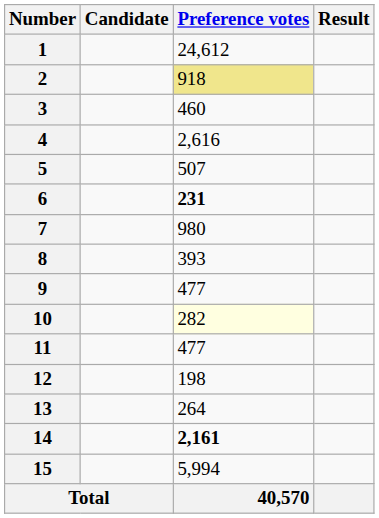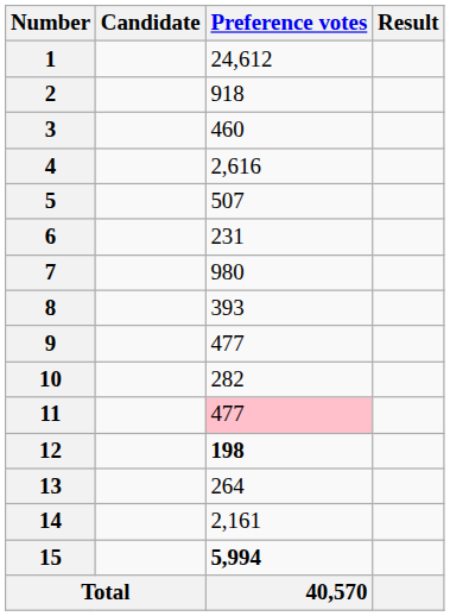 <table class="wikitable sortable" >
 <tr>
 <th scope="col">Number</th>
 <th scope="col">Candidate</th>
 <th scope="col"><a href='#'>Preference votes</a></th>
 <th scope="col">Result</th>
 </tr>
 <tr>
 <th scope="row">1</th>
 <td style="text-align:left"></td>
 <td>24,612</td>
 <td></td>
 </tr>
 <tr>
 <th scope="row">2</th>
 <td style="text-align:left"></td>
-<td style="background: khaki;">918</td>
+<td>918</td>
 <td></td>
 </tr>
 <tr>
 <th scope="row">3</th>
 <td style="text-align:left"></td>
 <td>460</td>
 <td></td>
 </tr>
 <tr>
 <th scope="row">4</th>
 <td style="text-align:left"></td>
 <td>2,616</td>
 <td></td>
 </tr>
 <tr>
 <th scope="row">5</th>
 <td style="text-align:left"></td>
 <td>507</td>
 <td></td>
 </tr>
 <tr>
 <th scope="row">6</th>
 <td style="text-align:left"></td>
-<td><strong>231</strong></td>
+<td>231</td>
 <td></td>
 </tr>
 <tr>
 <th scope="row">7</th>
 <td style="text-align:left"></td>
 <td>980</td>
 <td></td>
 </tr>
 <tr>
 <th scope="row">8</th>
 <td style="text-align:left"></td>
 <td>393</td>
 <td></td>
 </tr>
 <tr>
 <th scope="row">9</th>
 <td style="text-align:left"></td>
 <td>477</td>
 <td></td>
 </tr>
 <tr>
 <th scope="row">10</th>
 <td style="text-align:left"></td>
-<td style="background: lightyellow;">282</td>
+<td>282</td>
 <td></td>
 </tr>
 <tr>
 <th scope="row">11</th>
 <td style="text-align:left"></td>
-<td>477</td>
+<td style="background: pink;">477</td>
 <td></td>
 </tr>
 <tr>
 <th scope="row">12</th>
 <td style="text-align:left"></td>
-<td>198</td>
+<td><strong>198</strong></td>
 <td></td>
 </tr>
 <tr>
 <th scope="row">13</th>
 <td style="text-align:left"></td>
 <td>264</td>
 <td></td>
 </tr>
 <tr>
 <th scope="row">14</th>
 <td style="text-align:left"></td>
-<td><strong>2,161</strong></td>
+<td>2,161</td>
 <td></td>
 </tr>
 <tr>
 <th scope="row">15</th>
 <td style="text-align:left"></td>
-<td>5,994</td>
+<td><strong>5,994</strong></td>
 <td></td>
 </tr>
 <tr class="sortbottom">
 <th scope="row"  colspan="2">Total</th>
 <th style="text-align:right">40,570</th>
 <th></th>
 </tr>
 </table>
